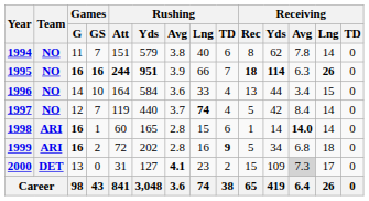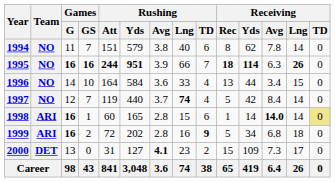 <table class=wikitable style="text-align:center">
 <tr>
 <th rowspan="2">Year</th>
 <th rowspan="2">Team</th>
 <th colspan="2">Games</th>
 <th colspan="5">Rushing</th>
 <th colspan="5">Receiving</th>
 </tr>
 <tr>
 <th>G</th>
 <th>GS</th>
 <th>Att</th>
 <th>Yds</th>
 <th>Avg</th>
 <th>Lng</th>
 <th>TD</th>
 <th>Rec</th>
 <th>Yds</th>
 <th>Avg</th>
 <th>Lng</th>
 <th>TD</th>
 </tr>
 <tr>
 <th><a href='#'>1994</a></th>
 <th><a href='#'>NO</a></th>
 <td>11</td>
 <td>7</td>
 <td>151</td>
 <td>579</td>
 <td>3.8</td>
 <td>40</td>
 <td>6</td>
 <td>8</td>
 <td>62</td>
 <td>7.8</td>
 <td>14</td>
 <td>0</td>
 </tr>
 <tr>
 <th><a href='#'>1995</a></th>
 <th><a href='#'>NO</a></th>
 <td><strong>16</strong></td>
 <td><strong>16</strong></td>
 <td><strong>244</strong></td>
 <td><strong>951</strong></td>
 <td>3.9</td>
 <td>66</td>
 <td>7</td>
 <td><strong>18</strong></td>
 <td><strong>114</strong></td>
 <td>6.3</td>
 <td><strong>26</strong></td>
 <td>0</td>
 </tr>
 <tr>
 <th><a href='#'>1996</a></th>
 <th><a href='#'>NO</a></th>
 <td>14</td>
 <td>10</td>
 <td>164</td>
 <td>584</td>
 <td>3.6</td>
 <td>33</td>
 <td>4</td>
 <td>13</td>
 <td>44</td>
 <td>3.4</td>
 <td>15</td>
 <td>0</td>
 </tr>
 <tr>
 <th><a href='#'>1997</a></th>
 <th><a href='#'>NO</a></th>
 <td>12</td>
 <td>7</td>
 <td>119</td>
 <td>440</td>
 <td>3.7</td>
 <td><strong>74</strong></td>
 <td>4</td>
 <td>5</td>
 <td>42</td>
 <td>8.4</td>
 <td>14</td>
 <td>0</td>
 </tr>
 <tr>
 <th><a href='#'>1998</a></th>
 <th><a href='#'>ARI</a></th>
 <td><strong>16</strong></td>
 <td>1</td>
 <td>60</td>
 <td>165</td>
 <td>2.8</td>
 <td>15</td>
 <td>6</td>
 <td>1</td>
 <td>14</td>
 <td><strong>14.0</strong></td>
 <td>14</td>
-<td>0</td>
+<td style="background: khaki;">0</td>
 </tr>
 <tr>
 <th><a href='#'>1999</a></th>
 <th><a href='#'>ARI</a></th>
 <td><strong>16</strong></td>
 <td>2</td>
 <td>72</td>
 <td>202</td>
 <td>2.8</td>
 <td>16</td>
 <td><strong>9</strong></td>
 <td>5</td>
 <td>34</td>
 <td>6.8</td>
 <td>18</td>
 <td>0</td>
 </tr>
 <tr>
 <th><a href='#'>2000</a></th>
 <th><a href='#'>DET</a></th>
 <td>13</td>
 <td>0</td>
 <td>31</td>
 <td>127</td>
 <td><strong>4.1</strong></td>
 <td>23</td>
 <td>2</td>
 <td>15</td>
 <td>109</td>
-<td style="background: lightgrey;">7.3</td>
+<td>7.3</td>
 <td>17</td>
 <td>0</td>
 </tr>
 <tr>
 <th colspan="2">Career</th>
 <th>98</th>
 <th>43</th>
 <th>841</th>
 <th>3,048</th>
 <th>3.6</th>
 <th>74</th>
 <th>38</th>
 <th>65</th>
 <th>419</th>
 <th>6.4</th>
 <th>26</th>
 <th>0</th>
 </tr>
 </table>
